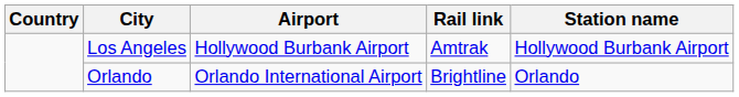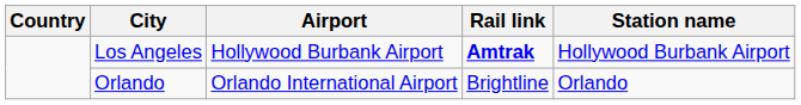 <table class="wikitable">
 <tr>
 <th>Country</th>
 <th>City</th>
 <th>Airport</th>
 <th>Rail link</th>
 <th>Station name</th>
 </tr>
 <tr>
 <td rowspan="2"></td>
 <td><a href='#'>Los Angeles</a></td>
 <td><a href='#'>Hollywood Burbank Airport</a></td>
-<td><a href='#'>Amtrak</a></td>
+<td><strong><a href='#'>Amtrak</a></strong></td>
 <td><a href='#'>Hollywood Burbank Airport</a></td>
 </tr>
 <tr>
 <td><a href='#'>Orlando</a></td>
 <td><a href='#'>Orlando International Airport</a></td>
 <td><a href='#'>Brightline</a></td>
 <td><a href='#'>Orlando</a></td>
 </tr>
 </table>
